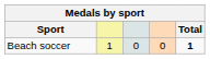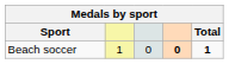 <table class="wikitable" style="font-size:90%; text-align:center;">
 <tr>
 <th colspan="5">Medals by sport</th>
 </tr>
 <tr>
 <th width="120">Sport</th>
 <th scope="col" width="30" style="background:#F7F6A8;"></th>
 <th scope="col" width="30" style="background:#DCE5E5;"></th>
 <th scope="col" width="30" style="background:#FFDAB9;"></th>
 <th width="30">Total</th>
 </tr>
 <tr>
 <td align="left">Beach soccer</td>
 <td style="background:#F7F6A8;">1</td>
 <td style="background:#DCE5E5;">0</td>
-<td style="background:#FFDAB9;">0</td>
+<td style="background:#FFDAB9;"><strong>0</strong></td>
 <td><strong>1</strong></td>
 </tr>
 </table>
